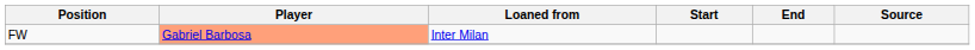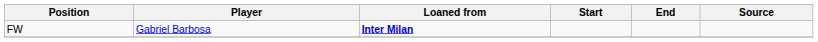 <table class="wikitable" width="60%" style="text-align:center; font-size:95%; text-align:left">
 <tr>
 <th>Position</th>
 <th>Player</th>
 <th>Loaned from</th>
 <th>Start</th>
 <th>End</th>
 <th>Source</th>
 </tr>
 <tr>
 <td>FW</td>
-<td style="background: lightsalmon;"> <a href='#'>Gabriel Barbosa</a></td>
-<td> <a href='#'>Inter Milan</a></td>
+<td> <a href='#'>Gabriel Barbosa</a></td>
+<td><strong> <a href='#'>Inter Milan</a></strong></td>
 <td></td>
 <td></td>
 <td align="center"></td>
 </tr>
 <tr>
 </tr>
 </table>
